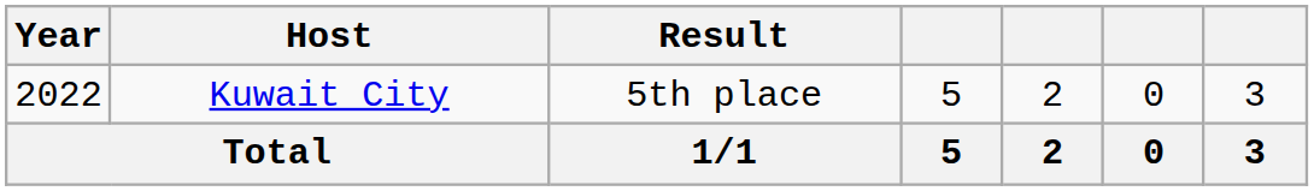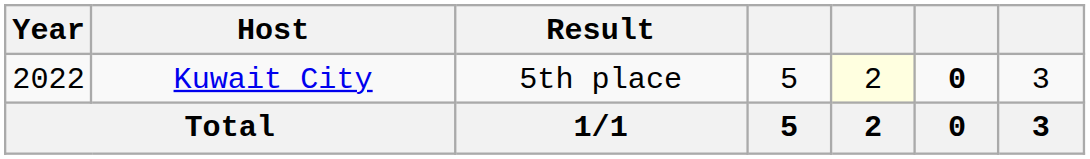 <table class="wikitable" style="text-align:center">
 <tr>
 <th width=30>Year</th>
 <th width=150>Host</th>
 <th width=120>Result</th>
 <th width=30></th>
 <th width=30></th>
 <th width=30></th>
 <th width=30></th>
 </tr>
 <tr>
 <td>2022</td>
 <td> <a href='#'>Kuwait City</a></td>
 <td>5th place</td>
 <td>5</td>
-<td>2</td>
-<td>0</td>
+<td style="background: lightyellow;">2</td>
+<td><strong>0</strong></td>
 <td>3</td>
 </tr>
 <tr>
 <th colspan=2>Total</th>
 <th>1/1</th>
 <th>5</th>
 <th>2</th>
 <th>0</th>
 <th>3</th>
 </tr>
 </table>
